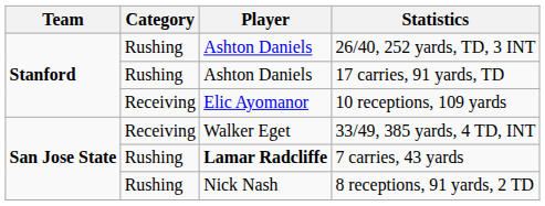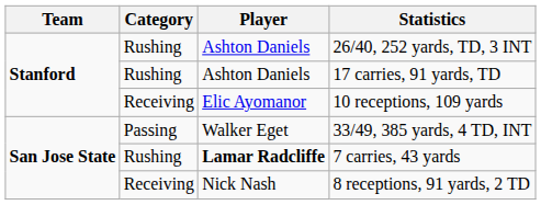 <table class="wikitable" style="float: right;">
 <tr>
 <th>Team</th>
 <th>Category</th>
 <th>Player</th>
 <th>Statistics</th>
 </tr>
 <tr>
 <td rowspan=3><strong>Stanford</strong></td>
 <td>Rushing</td>
 <td><a href='#'>Ashton Daniels</a></td>
 <td>26/40, 252 yards, TD, 3 INT</td>
 </tr>
 <tr>
 <td>Rushing</td>
 <td>Ashton Daniels</td>
 <td>17 carries, 91 yards, TD</td>
 </tr>
 <tr>
 <td>Receiving</td>
 <td><a href='#'>Elic Ayomanor</a></td>
 <td>10 receptions, 109 yards</td>
 </tr>
 <tr>
 <td rowspan=3><strong>San Jose State</strong></td>
-<td>Receiving</td>
+<td>Passing</td>
 <td>Walker Eget</td>
 <td>33/49, 385 yards, 4 TD, INT</td>
 </tr>
 <tr>
 <td>Rushing</td>
 <td><strong>Lamar Radcliffe</strong></td>
 <td>7 carries, 43 yards</td>
 </tr>
 <tr>
-<td>Rushing</td>
+<td>Receiving</td>
 <td>Nick Nash</td>
 <td>8 receptions, 91 yards, 2 TD</td>
 </tr>
 </table>
